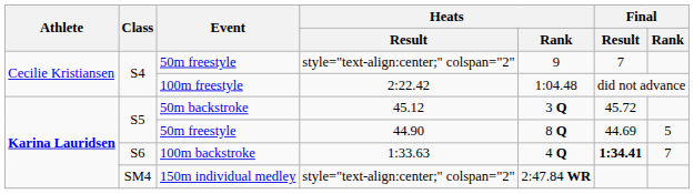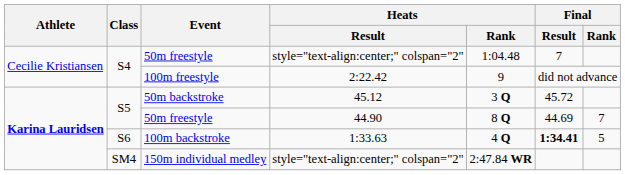 <table class=wikitable style="font-size:90%">
 <tr>
 <th rowspan="2">Athlete</th>
 <th rowspan="2">Class</th>
 <th rowspan="2">Event</th>
 <th colspan="2">Heats</th>
 <th colspan="2">Final</th>
 </tr>
 <tr>
 <th>Result</th>
 <th>Rank</th>
 <th>Result</th>
 <th>Rank</th>
 </tr>
 <tr>
 <td rowspan="2"><a href='#'>Cecilie Kristiansen</a></td>
 <td rowspan="2" style="text-align:center;">S4</td>
 <td><a href='#'>50m freestyle</a></td>
 <td>style="text-align:center;" colspan="2" </td>
-<td style="text-align:center;">9</td>
+<td style="text-align:center;">1:04.48</td>
 <td style="text-align:center;">7</td>
 </tr>
 <tr>
 <td><a href='#'>100m freestyle</a></td>
 <td style="text-align:center;">2:22.42</td>
-<td style="text-align:center;">1:04.48</td>
+<td style="text-align:center;">9</td>
 <td style="text-align:center;" colspan="2">did not advance</td>
 </tr>
 <tr>
 <td rowspan="4"><strong><a href='#'>Karina Lauridsen</a></strong></td>
 <td rowspan="2" style="text-align:center;">S5</td>
 <td><a href='#'>50m backstroke</a></td>
 <td style="text-align:center;">45.12</td>
 <td style="text-align:center;">3 <strong>Q</strong></td>
 <td style="text-align:center;">45.72</td>
 <td style="text-align:center;"></td>
 </tr>
 <tr>
 <td><a href='#'>50m freestyle</a></td>
 <td style="text-align:center;">44.90</td>
 <td style="text-align:center;">8 <strong>Q</strong></td>
 <td style="text-align:center;">44.69</td>
-<td style="text-align:center;">5</td>
+<td style="text-align:center;">7</td>
 </tr>
 <tr>
 <td style="text-align:center;">S6</td>
 <td><a href='#'>100m backstroke</a></td>
 <td style="text-align:center;">1:33.63</td>
 <td style="text-align:center;">4 <strong>Q</strong></td>
 <td style="text-align:center;"><strong>1:34.41</strong></td>
-<td style="text-align:center;">7</td>
+<td style="text-align:center;">5</td>
 </tr>
 <tr>
 <td style="text-align:center;">SM4</td>
 <td><a href='#'>150m individual medley</a></td>
 <td>style="text-align:center;" colspan="2" </td>
 <td style="text-align:center;">2:47.84 <strong>WR</strong></td>
 <td style="text-align:center;"></td>
 </tr>
 </table>
